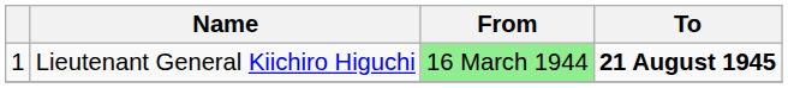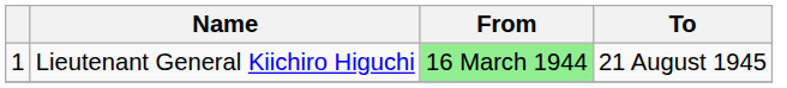 <table class=wikitable>
 <tr>
 <th></th>
 <th>Name</th>
 <th>From</th>
 <th>To</th>
 </tr>
 <tr>
 <td>1</td>
 <td>Lieutenant General <a href='#'>Kiichiro Higuchi</a></td>
 <td style="background: lightgreen;">16 March 1944</td>
-<td><strong>21 August 1945</strong></td>
+<td>21 August 1945</td>
 </tr>
 <tr>
 </tr>
 </table>
